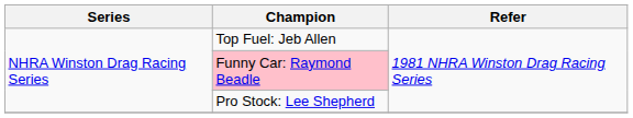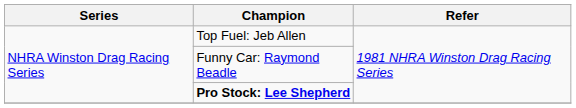 <table class="wikitable" style="font-size:87%;">
 <tr>
 <th>Series</th>
 <th>Champion</th>
 <th>Refer</th>
 </tr>
 <tr>
 <td rowspan=3><a href='#'>NHRA Winston Drag Racing Series</a></td>
 <td>Top Fuel:  Jeb Allen</td>
 <td rowspan=3><em><a href='#'>1981 NHRA Winston Drag Racing Series</a></em></td>
 </tr>
 <tr>
-<td style="background: pink;">Funny Car:  <a href='#'>Raymond Beadle</a></td>
+<td>Funny Car:  <a href='#'>Raymond Beadle</a></td>
 </tr>
 <tr>
-<td>Pro Stock:  <a href='#'>Lee Shepherd</a></td>
+<td><strong>Pro Stock:  <a href='#'>Lee Shepherd</a></strong></td>
 </tr>
 <tr>
 </tr>
 </table>
